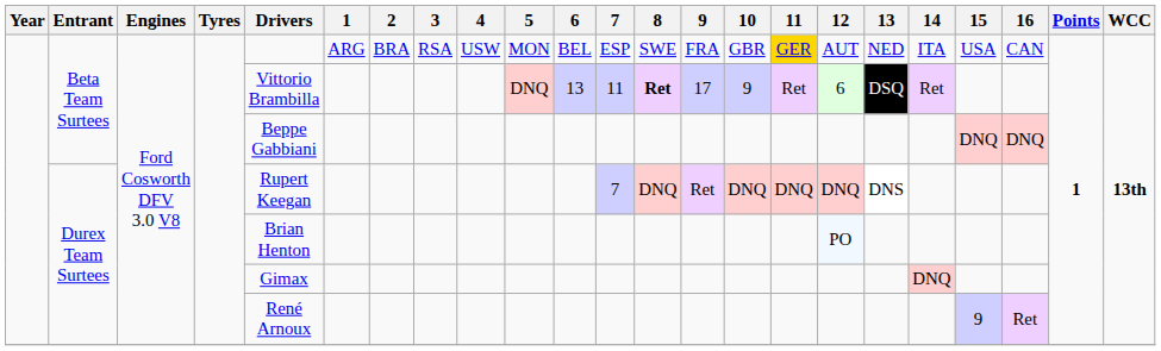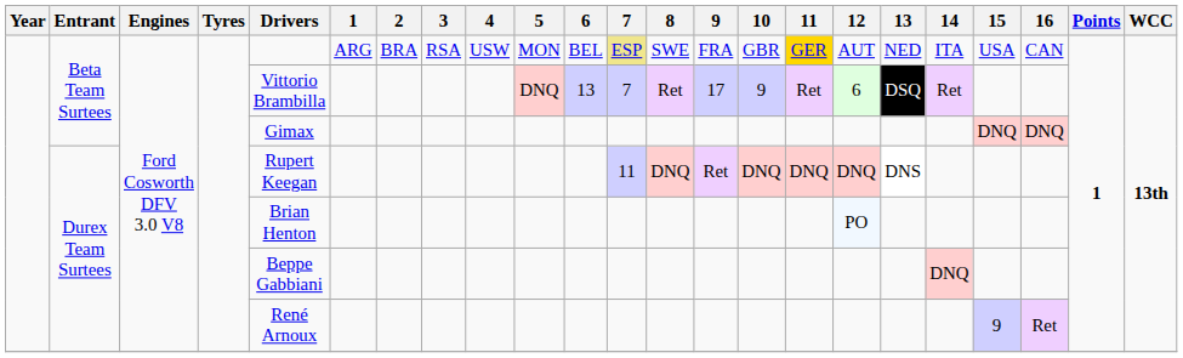 <table class="wikitable" style="text-align:center; font-size:95%">
 <tr>
 <th>Year</th>
 <th>Entrant</th>
 <th>Engines</th>
 <th>Tyres</th>
 <th>Drivers</th>
 <th>1</th>
 <th>2</th>
 <th>3</th>
 <th>4</th>
 <th>5</th>
 <th>6</th>
 <th>7</th>
 <th>8</th>
 <th>9</th>
 <th>10</th>
 <th>11</th>
 <th>12</th>
 <th>13</th>
 <th>14</th>
 <th>15</th>
 <th>16</th>
 <th><a href='#'>Points</a></th>
 <th>WCC</th>
 </tr>
 <tr>
 <td rowspan="7"></td>
 <td rowspan="3"><a href='#'>Beta Team Surtees</a></td>
 <td rowspan="7"><a href='#'>Ford</a> <a href='#'>Cosworth DFV</a> <br>3.0 <a href='#'>V8</a></td>
 <td rowspan="7"></td>
 <td></td>
 <td><a href='#'>ARG</a></td>
 <td><a href='#'>BRA</a></td>
 <td><a href='#'>RSA</a></td>
 <td><a href='#'>USW</a></td>
 <td><a href='#'>MON</a></td>
 <td><a href='#'>BEL</a></td>
-<td><a href='#'>ESP</a></td>
+<td style="background: khaki;"><a href='#'>ESP</a></td>
 <td><a href='#'>SWE</a></td>
 <td><a href='#'>FRA</a></td>
 <td><a href='#'>GBR</a></td>
 <td style="background: gold;"><a href='#'>GER</a></td>
 <td><a href='#'>AUT</a></td>
 <td><a href='#'>NED</a></td>
 <td><a href='#'>ITA</a></td>
 <td><a href='#'>USA</a></td>
 <td><a href='#'>CAN</a></td>
 <td rowspan="7"><strong>1</strong></td>
 <td rowspan="7"><strong>13th</strong></td>
 </tr>
 <tr>
 <td><a href='#'>Vittorio Brambilla</a></td>
 <td></td>
 <td></td>
 <td></td>
 <td></td>
 <td style="background:#FFCFCF;">DNQ</td>
 <td style="background:#CFCFFF;">13</td>
-<td style="background:#CFCFFF;">11</td>
-<td style="background:#EFCFFF;"><strong>Ret</strong></td>
+<td style="background:#CFCFFF;">7</td>
+<td style="background:#EFCFFF;">Ret</td>
 <td style="background:#CFCFFF;">17</td>
 <td style="background:#CFCFFF;">9</td>
 <td style="background:#EFCFFF;">Ret</td>
 <td style="background:#DFFFDF;">6</td>
 <td style="background:#000000; color:#ffffff">DSQ</td>
 <td style="background:#EFCFFF;">Ret</td>
 <td></td>
 <td></td>
 </tr>
 <tr>
-<td><a href='#'>Beppe Gabbiani</a></td>
+<td><a href='#'>Gimax</a></td>
 <td></td>
 <td></td>
 <td></td>
 <td></td>
 <td></td>
 <td></td>
 <td></td>
 <td></td>
 <td></td>
 <td></td>
 <td></td>
 <td></td>
 <td></td>
 <td></td>
 <td style="background:#FFCFCF;">DNQ</td>
 <td style="background:#FFCFCF;">DNQ</td>
 </tr>
 <tr>
 <td rowspan="4"><a href='#'>Durex</a> <a href='#'>Team Surtees</a></td>
 <td><a href='#'>Rupert Keegan</a></td>
 <td></td>
 <td></td>
 <td></td>
 <td></td>
 <td></td>
 <td></td>
-<td style="background:#CFCFFF;">7</td>
+<td style="background:#CFCFFF;">11</td>
 <td style="background:#FFCFCF;">DNQ</td>
 <td style="background:#EFCFFF;">Ret</td>
 <td style="background:#FFCFCF;">DNQ</td>
 <td style="background:#FFCFCF;">DNQ</td>
 <td style="background:#FFCFCF;">DNQ</td>
 <td style="background:#ffffff;">DNS</td>
 <td></td>
 <td></td>
 <td></td>
 </tr>
 <tr>
 <td><a href='#'>Brian Henton</a></td>
 <td></td>
 <td></td>
 <td></td>
 <td></td>
 <td></td>
 <td></td>
 <td></td>
 <td></td>
 <td></td>
 <td></td>
 <td></td>
 <td style="background:#F1F8FF;">PO</td>
 <td></td>
 <td></td>
 <td></td>
 <td></td>
 </tr>
 <tr>
-<td><a href='#'>Gimax</a></td>
+<td><a href='#'>Beppe Gabbiani</a></td>
 <td></td>
 <td></td>
 <td></td>
 <td></td>
 <td></td>
 <td></td>
 <td></td>
 <td></td>
 <td></td>
 <td></td>
 <td></td>
 <td></td>
 <td></td>
 <td style="background:#FFCFCF;">DNQ</td>
 <td></td>
 <td></td>
 </tr>
 <tr>
 <td><a href='#'>René Arnoux</a></td>
 <td></td>
 <td></td>
 <td></td>
 <td></td>
 <td></td>
 <td></td>
 <td></td>
 <td></td>
 <td></td>
 <td></td>
 <td></td>
 <td></td>
 <td></td>
 <td></td>
 <td style="background:#CFCFFF;">9</td>
 <td style="background:#EFCFFF;">Ret</td>
 </tr>
 <tr>
 </tr>
 </table>
